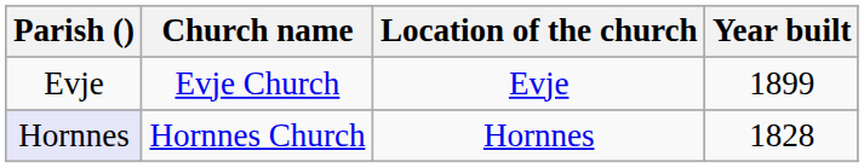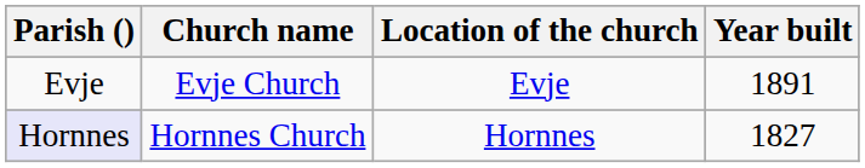 <table class="wikitable" style="text-align:center">
 <tr>
 <th>Parish ()</th>
 <th>Church name</th>
 <th>Location of the church</th>
 <th>Year built</th>
 </tr>
 <tr>
 <td>Evje</td>
 <td><a href='#'>Evje Church</a></td>
 <td><a href='#'>Evje</a></td>
-<td>1899</td>
+<td>1891</td>
 </tr>
 <tr>
 <td style="background: lavender;">Hornnes</td>
 <td><a href='#'>Hornnes Church</a></td>
 <td><a href='#'>Hornnes</a></td>
-<td>1828</td>
+<td>1827</td>
 </tr>
 </table>
